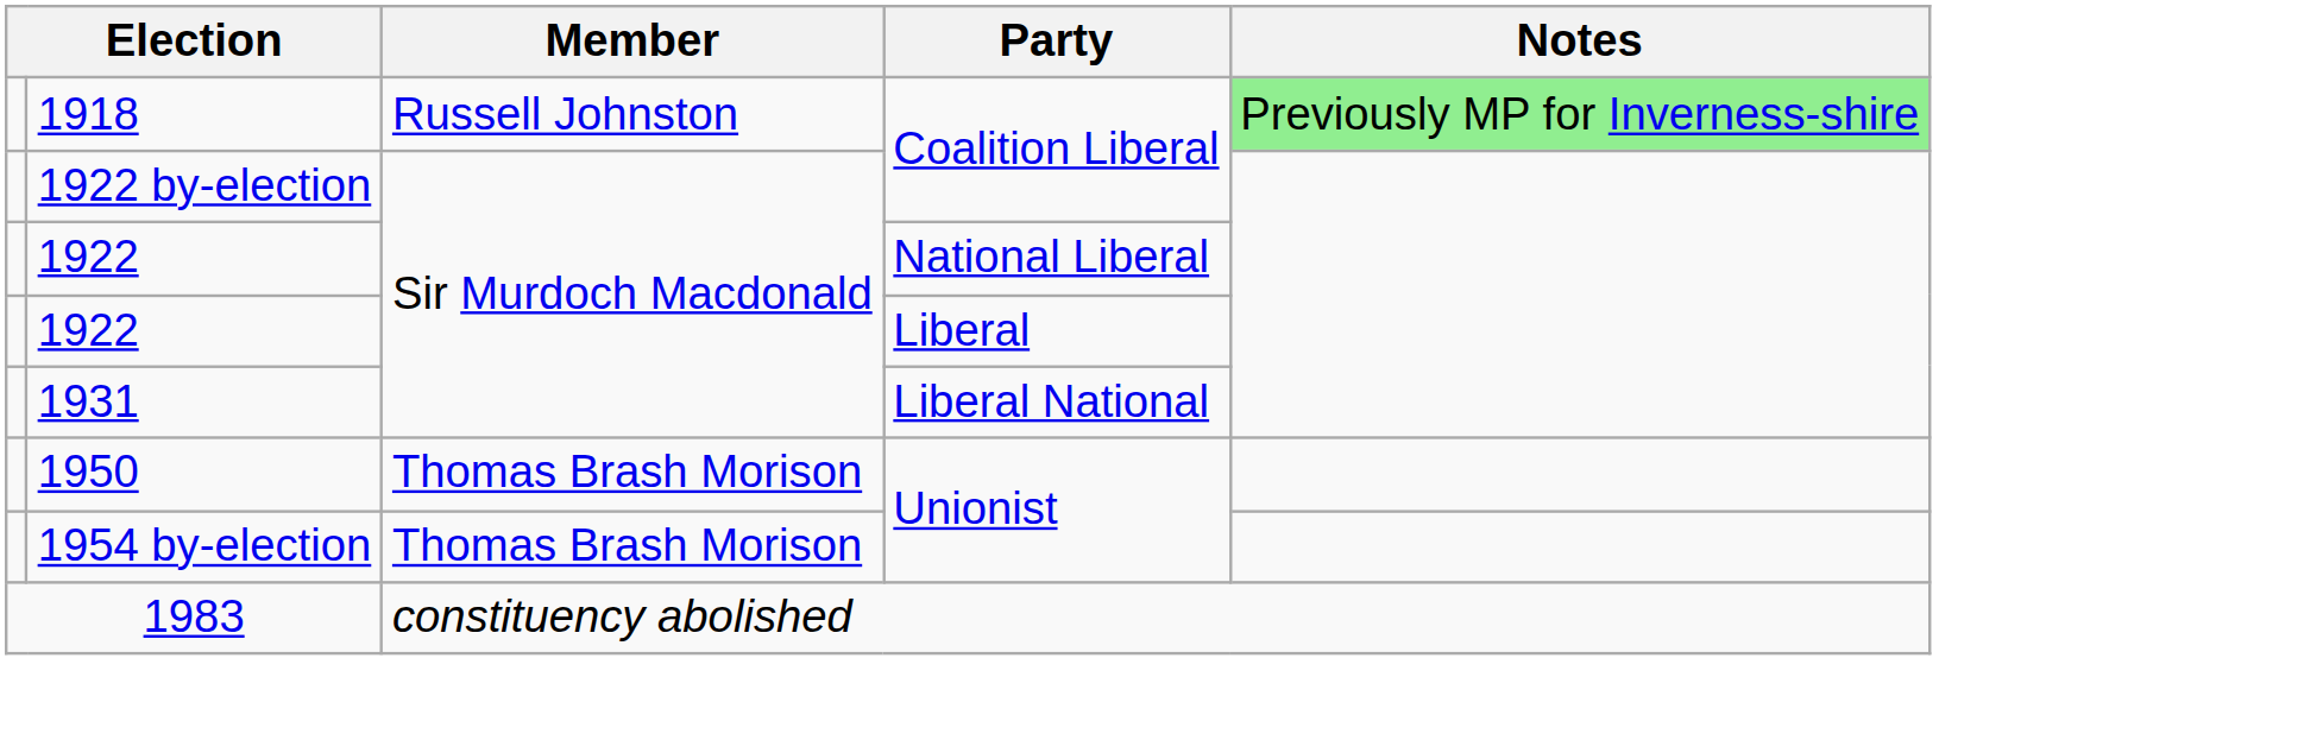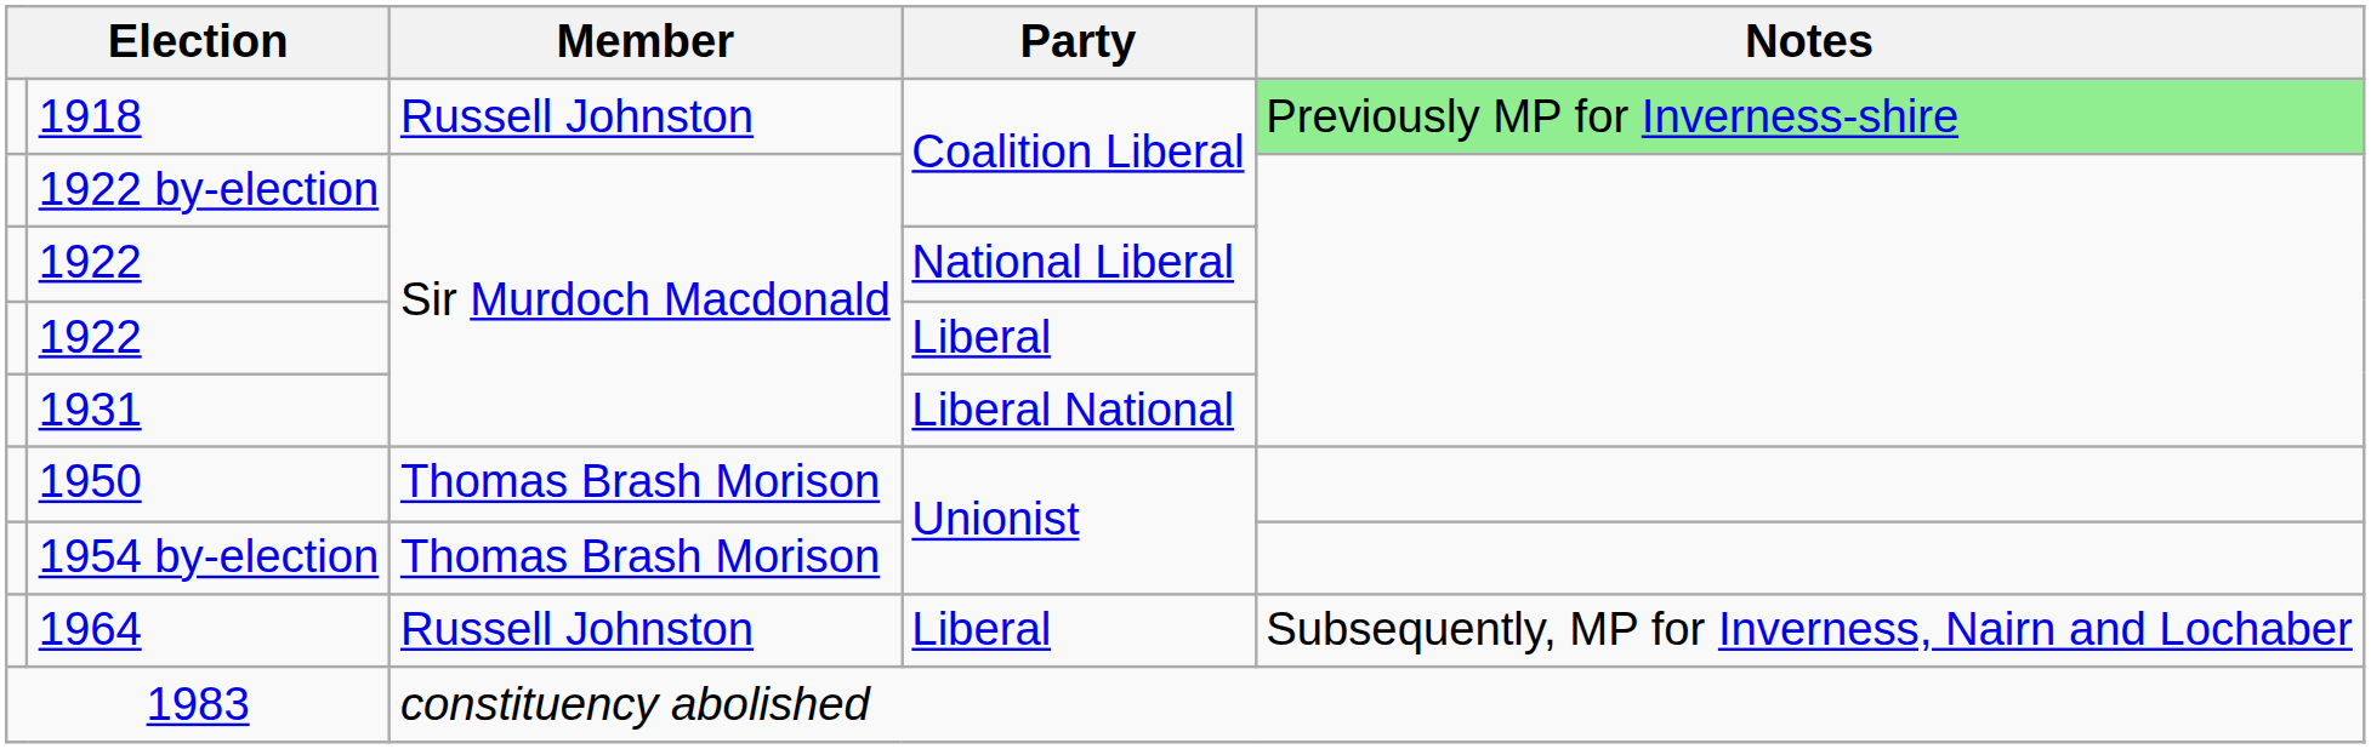 <table class="wikitable">
 <tr>
 <th colspan="2">Election</th>
 <th>Member</th>
 <th>Party</th>
 <th>Notes</th>
 </tr>
 <tr>
 <td style="color:inherit;background-color: "></td>
 <td><a href='#'>1918</a></td>
 <td><a href='#'>Russell Johnston</a></td>
 <td rowspan="2"><a href='#'>Coalition Liberal</a></td>
 <td style="background: lightgreen;">Previously MP for <a href='#'>Inverness-shire</a></td>
 </tr>
 <tr>
 <td style="color:inherit;background-color: "></td>
 <td><a href='#'>1922 by-election</a></td>
 <td rowspan="4">Sir <a href='#'>Murdoch Macdonald</a></td>
 <td rowspan="4"></td>
 </tr>
 <tr>
 <td style="color:inherit;background-color: "></td>
 <td><a href='#'>1922</a></td>
 <td><a href='#'>National Liberal</a></td>
 </tr>
 <tr>
 <td style="color:inherit;background-color: "></td>
 <td><a href='#'>1922</a></td>
 <td><a href='#'>Liberal</a></td>
 </tr>
 <tr>
 <td style="color:inherit;background-color: "></td>
 <td><a href='#'>1931</a></td>
 <td><a href='#'>Liberal National</a></td>
 </tr>
 <tr>
 <td style="color:inherit;background-color: "></td>
 <td><a href='#'>1950</a></td>
 <td><a href='#'>Thomas Brash Morison</a></td>
 <td rowspan="2"><a href='#'>Unionist</a></td>
 <td></td>
 </tr>
 <tr>
 <td style="color:inherit;background-color: "></td>
 <td><a href='#'>1954 by-election</a></td>
 <td><a href='#'>Thomas Brash Morison</a></td>
 <td></td>
 </tr>
 <tr>
+<td style="color:inherit;background-color: "></td>
+<td><a href='#'>1964</a></td>
+<td><a href='#'>Russell Johnston</a></td>
+<td><a href='#'>Liberal</a></td>
+<td>Subsequently, MP for <a href='#'>Inverness, Nairn and Lochaber</a></td>
+</tr>
+<tr>
 <td colspan="2" align="center"><a href='#'>1983</a></td>
 <td colspan="3"><em>constituency abolished</em></td>
 </tr>
 </table>
